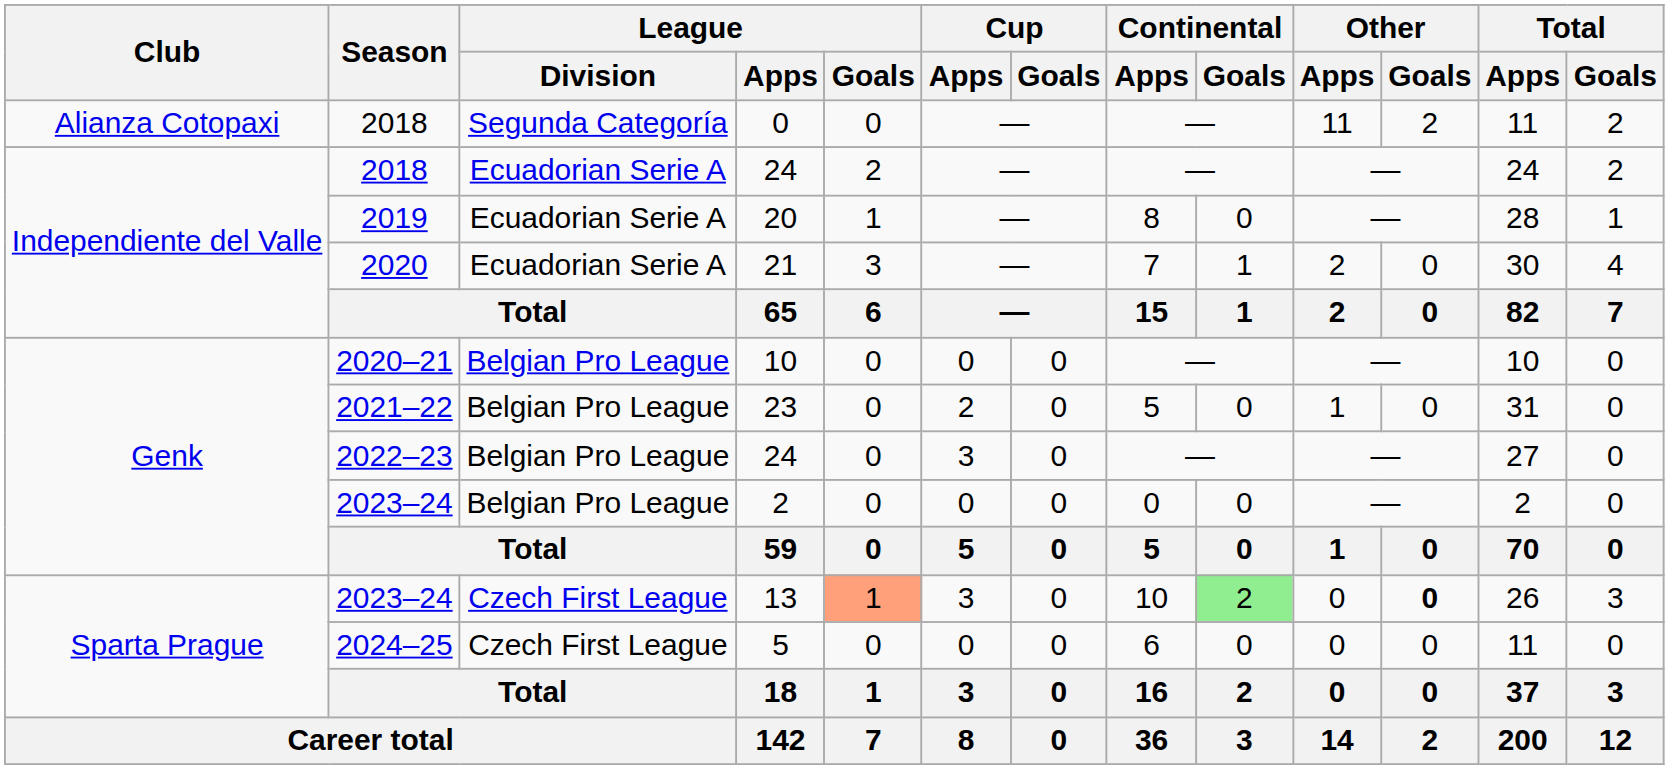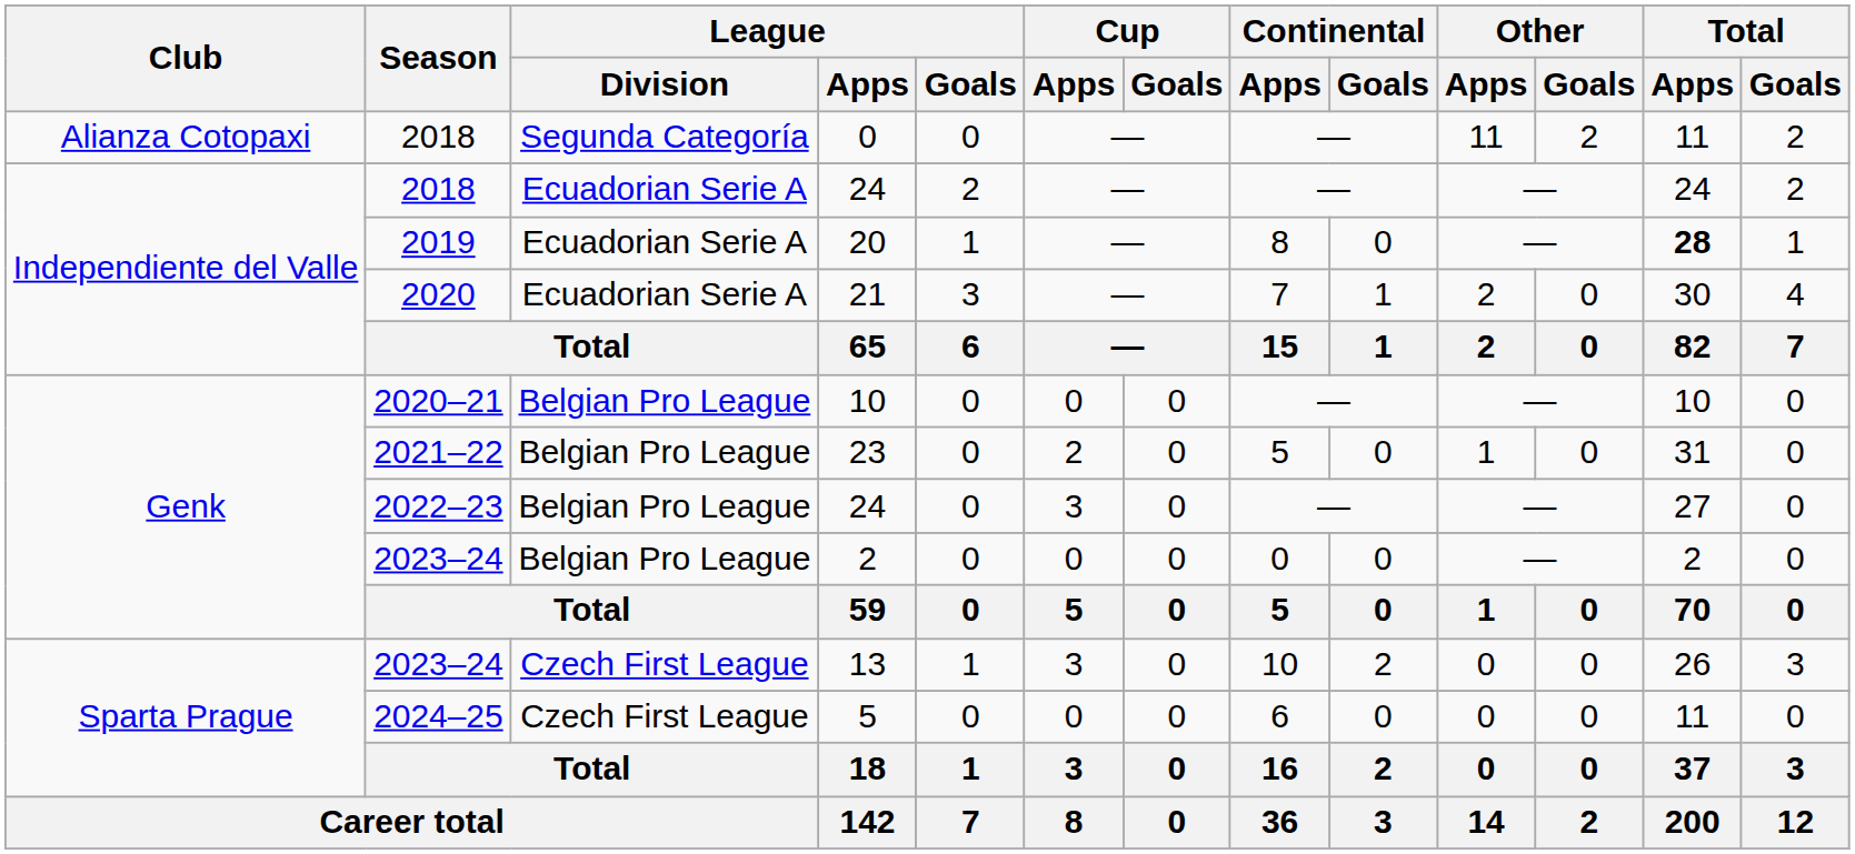 <table class="wikitable" style="text-align:center">
 <tr>
 <th rowspan="2">Club</th>
 <th rowspan="2">Season</th>
 <th colspan="3">League</th>
 <th colspan="2">Cup</th>
 <th colspan="2">Continental</th>
 <th colspan="2">Other</th>
 <th colspan="2">Total</th>
 </tr>
 <tr>
 <th>Division</th>
 <th>Apps</th>
 <th>Goals</th>
 <th>Apps</th>
 <th>Goals</th>
 <th>Apps</th>
 <th>Goals</th>
 <th>Apps</th>
 <th>Goals</th>
 <th>Apps</th>
 <th>Goals</th>
 </tr>
 <tr>
 <td><a href='#'>Alianza Cotopaxi</a></td>
 <td>2018</td>
 <td><a href='#'>Segunda Categoría</a></td>
 <td>0</td>
 <td>0</td>
 <td colspan="2">—</td>
 <td colspan="2">—</td>
 <td>11</td>
 <td>2</td>
 <td>11</td>
 <td>2</td>
 </tr>
 <tr>
 <td rowspan="4" valign="center"><a href='#'>Independiente del Valle</a></td>
 <td><a href='#'>2018</a></td>
 <td><a href='#'>Ecuadorian Serie A</a></td>
 <td>24</td>
 <td>2</td>
 <td colspan="2">—</td>
 <td colspan="2">—</td>
 <td colspan="2">—</td>
 <td>24</td>
 <td>2</td>
 </tr>
 <tr>
 <td><a href='#'>2019</a></td>
 <td>Ecuadorian Serie A</td>
 <td>20</td>
 <td>1</td>
 <td colspan="2">—</td>
 <td>8</td>
 <td>0</td>
 <td colspan="2">—</td>
-<td>28</td>
+<td><strong>28</strong></td>
 <td>1</td>
 </tr>
 <tr>
 <td><a href='#'>2020</a></td>
 <td>Ecuadorian Serie A</td>
 <td>21</td>
 <td>3</td>
 <td colspan="2">—</td>
 <td>7</td>
 <td>1</td>
 <td>2</td>
 <td>0</td>
 <td>30</td>
 <td>4</td>
 </tr>
 <tr>
 <th colspan="2">Total</th>
 <th>65</th>
 <th>6</th>
 <th colspan="2">—</th>
 <th>15</th>
 <th>1</th>
 <th>2</th>
 <th>0</th>
 <th>82</th>
 <th>7</th>
 </tr>
 <tr>
 <td rowspan="5"><a href='#'>Genk</a></td>
 <td><a href='#'>2020–21</a></td>
 <td><a href='#'>Belgian Pro League</a></td>
 <td>10</td>
 <td>0</td>
 <td>0</td>
 <td>0</td>
 <td colspan="2">—</td>
 <td colspan="2">—</td>
 <td>10</td>
 <td>0</td>
 </tr>
 <tr>
 <td><a href='#'>2021–22</a></td>
 <td>Belgian Pro League</td>
 <td>23</td>
 <td>0</td>
 <td>2</td>
 <td>0</td>
 <td>5</td>
 <td>0</td>
 <td>1</td>
 <td>0</td>
 <td>31</td>
 <td>0</td>
 </tr>
 <tr>
 <td><a href='#'>2022–23</a></td>
 <td>Belgian Pro League</td>
 <td>24</td>
 <td>0</td>
 <td>3</td>
 <td>0</td>
 <td colspan="2">—</td>
 <td colspan="2">—</td>
 <td>27</td>
 <td>0</td>
 </tr>
 <tr>
 <td><a href='#'>2023–24</a></td>
 <td>Belgian Pro League</td>
 <td>2</td>
 <td>0</td>
 <td>0</td>
 <td>0</td>
 <td>0</td>
 <td>0</td>
 <td colspan="2">—</td>
 <td>2</td>
 <td>0</td>
 </tr>
 <tr>
 <th colspan="2">Total</th>
 <th>59</th>
 <th>0</th>
 <th>5</th>
 <th>0</th>
 <th>5</th>
 <th>0</th>
 <th>1</th>
 <th>0</th>
 <th>70</th>
 <th>0</th>
 </tr>
 <tr>
 <td rowspan="3"><a href='#'>Sparta Prague</a></td>
 <td><a href='#'>2023–24</a></td>
 <td><a href='#'>Czech First League</a></td>
 <td>13</td>
-<td style="background: lightsalmon;">1</td>
+<td>1</td>
 <td>3</td>
 <td>0</td>
 <td>10</td>
-<td style="background: lightgreen;">2</td>
+<td>2</td>
 <td>0</td>
-<td><strong>0</strong></td>
+<td>0</td>
 <td>26</td>
 <td>3</td>
 </tr>
 <tr>
 <td><a href='#'>2024–25</a></td>
 <td>Czech First League</td>
 <td>5</td>
 <td>0</td>
 <td>0</td>
 <td>0</td>
 <td>6</td>
 <td>0</td>
 <td>0</td>
 <td>0</td>
 <td>11</td>
 <td>0</td>
 </tr>
 <tr>
 <th colspan="2">Total</th>
 <th>18</th>
 <th>1</th>
 <th>3</th>
 <th>0</th>
 <th>16</th>
 <th>2</th>
 <th>0</th>
 <th>0</th>
 <th>37</th>
 <th>3</th>
 </tr>
 <tr>
 <th colspan="3">Career total</th>
 <th>142</th>
 <th>7</th>
 <th>8</th>
 <th>0</th>
 <th>36</th>
 <th>3</th>
 <th>14</th>
 <th>2</th>
 <th>200</th>
 <th>12</th>
 </tr>
 </table>
